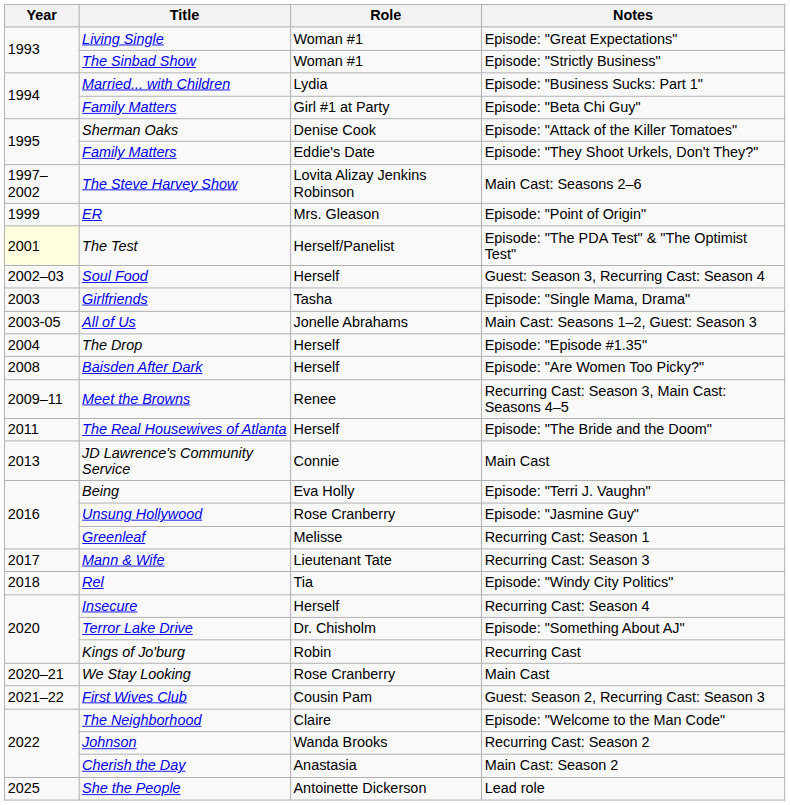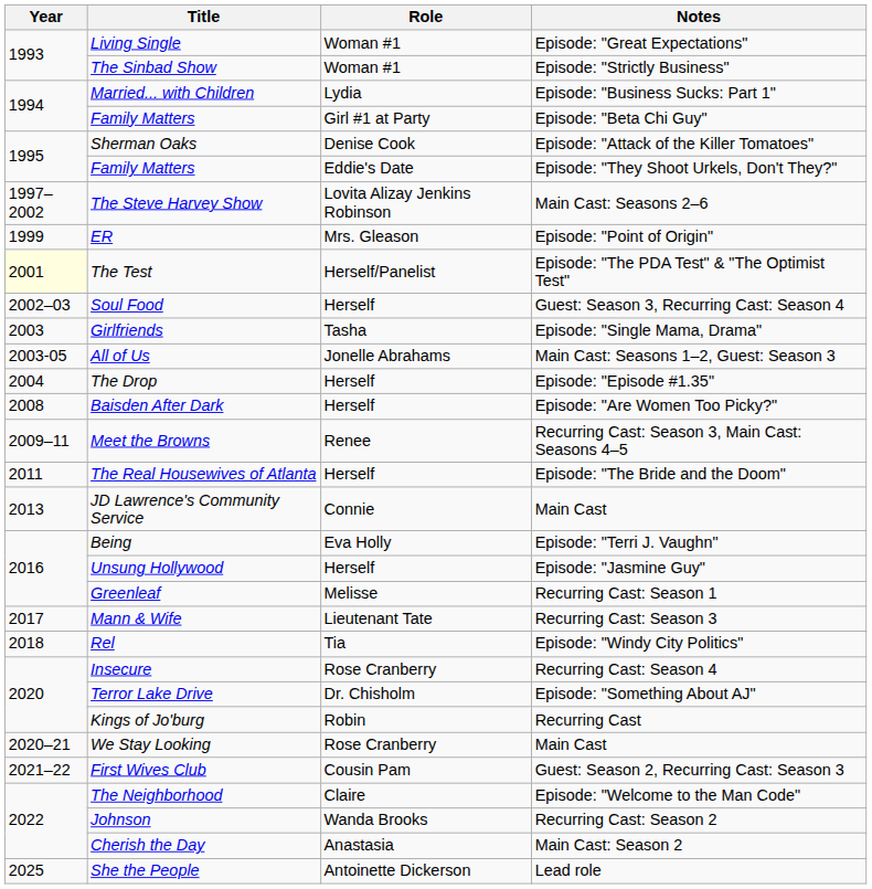 <table class="wikitable sortable">
 <tr>
 <th>Year</th>
 <th>Title</th>
 <th>Role</th>
 <th>Notes</th>
 </tr>
 <tr>
 <td rowspan=2>1993</td>
 <td><em><a href='#'>Living Single</a></em></td>
 <td>Woman #1</td>
 <td>Episode: "Great Expectations"</td>
 </tr>
 <tr>
 <td><em><a href='#'>The Sinbad Show</a></em></td>
 <td>Woman #1</td>
 <td>Episode: "Strictly Business"</td>
 </tr>
 <tr>
 <td rowspan=2>1994</td>
 <td><em><a href='#'>Married... with Children</a></em></td>
 <td>Lydia</td>
 <td>Episode: "Business Sucks: Part 1"</td>
 </tr>
 <tr>
 <td><em><a href='#'>Family Matters</a></em></td>
 <td>Girl #1 at Party</td>
 <td>Episode: "Beta Chi Guy"</td>
 </tr>
 <tr>
 <td rowspan=2>1995</td>
 <td><em>Sherman Oaks</em></td>
 <td>Denise Cook</td>
 <td>Episode: "Attack of the Killer Tomatoes"</td>
 </tr>
 <tr>
 <td><em><a href='#'>Family Matters</a></em></td>
 <td>Eddie's Date</td>
 <td>Episode: "They Shoot Urkels, Don't They?"</td>
 </tr>
 <tr>
 <td>1997–2002</td>
 <td><em><a href='#'>The Steve Harvey Show</a></em></td>
 <td>Lovita Alizay Jenkins Robinson</td>
 <td>Main Cast: Seasons 2–6</td>
 </tr>
 <tr>
 <td>1999</td>
 <td><em><a href='#'>ER</a></em></td>
 <td>Mrs. Gleason</td>
 <td>Episode: "Point of Origin"</td>
 </tr>
 <tr>
 <td style="background: lightyellow;">2001</td>
 <td><em>The Test</em></td>
 <td>Herself/Panelist</td>
 <td>Episode: "The PDA Test" & "The Optimist Test"</td>
 </tr>
 <tr>
 <td>2002–03</td>
 <td><em><a href='#'>Soul Food</a></em></td>
 <td>Herself</td>
 <td>Guest: Season 3, Recurring Cast: Season 4</td>
 </tr>
 <tr>
 <td>2003</td>
 <td><em><a href='#'>Girlfriends</a></em></td>
 <td>Tasha</td>
 <td>Episode: "Single Mama, Drama"</td>
 </tr>
 <tr>
 <td>2003-05</td>
 <td><em><a href='#'>All of Us</a></em></td>
 <td>Jonelle Abrahams</td>
 <td>Main Cast: Seasons 1–2, Guest: Season 3</td>
 </tr>
 <tr>
 <td>2004</td>
 <td><em>The Drop</em></td>
 <td>Herself</td>
 <td>Episode: "Episode #1.35"</td>
 </tr>
 <tr>
 <td>2008</td>
 <td><em><a href='#'>Baisden After Dark</a></em></td>
 <td>Herself</td>
 <td>Episode: "Are Women Too Picky?"</td>
 </tr>
 <tr>
 <td>2009–11</td>
 <td><em><a href='#'>Meet the Browns</a></em></td>
 <td>Renee</td>
 <td>Recurring Cast: Season 3, Main Cast: Seasons 4–5</td>
 </tr>
 <tr>
 <td>2011</td>
 <td><em><a href='#'>The Real Housewives of Atlanta</a></em></td>
 <td>Herself</td>
 <td>Episode: "The Bride and the Doom"</td>
 </tr>
 <tr>
 <td>2013</td>
 <td><em>JD Lawrence's Community Service</em></td>
 <td>Connie</td>
 <td>Main Cast</td>
 </tr>
 <tr>
 <td rowspan=3>2016</td>
 <td><em>Being</em></td>
 <td>Eva Holly</td>
 <td>Episode: "Terri J. Vaughn"</td>
 </tr>
 <tr>
 <td><em><a href='#'>Unsung Hollywood</a></em></td>
-<td>Rose Cranberry</td>
+<td>Herself</td>
 <td>Episode: "Jasmine Guy"</td>
 </tr>
 <tr>
 <td><em><a href='#'>Greenleaf</a></em></td>
 <td>Melisse</td>
 <td>Recurring Cast: Season 1</td>
 </tr>
 <tr>
 <td>2017</td>
 <td><em><a href='#'>Mann & Wife</a></em></td>
 <td>Lieutenant Tate</td>
 <td>Recurring Cast: Season 3</td>
 </tr>
 <tr>
 <td>2018</td>
 <td><em><a href='#'>Rel</a></em></td>
 <td>Tia</td>
 <td>Episode: "Windy City Politics"</td>
 </tr>
 <tr>
 <td rowspan=3>2020</td>
 <td><em><a href='#'>Insecure</a></em></td>
-<td>Herself</td>
+<td>Rose Cranberry</td>
 <td>Recurring Cast: Season 4</td>
 </tr>
 <tr>
 <td><em><a href='#'>Terror Lake Drive</a></em></td>
 <td>Dr. Chisholm</td>
 <td>Episode: "Something About AJ"</td>
 </tr>
 <tr>
 <td><em>Kings of Jo'burg</em></td>
 <td>Robin</td>
 <td>Recurring Cast</td>
 </tr>
 <tr>
 <td>2020–21</td>
 <td><em>We Stay Looking</em></td>
 <td>Rose Cranberry</td>
 <td>Main Cast</td>
 </tr>
 <tr>
 <td>2021–22</td>
 <td><em><a href='#'>First Wives Club</a></em></td>
 <td>Cousin Pam</td>
 <td>Guest: Season 2, Recurring Cast: Season 3</td>
 </tr>
 <tr>
 <td rowspan=3>2022</td>
 <td><em><a href='#'>The Neighborhood</a></em></td>
 <td>Claire</td>
 <td>Episode: "Welcome to the Man Code"</td>
 </tr>
 <tr>
 <td><em><a href='#'>Johnson</a></em></td>
 <td>Wanda Brooks</td>
 <td>Recurring Cast: Season 2</td>
 </tr>
 <tr>
 <td><em><a href='#'>Cherish the Day</a></em></td>
 <td>Anastasia</td>
 <td>Main Cast: Season 2</td>
 </tr>
 <tr>
 <td>2025</td>
 <td><em><a href='#'>She the People</a></td>
 <td>Antoinette Dickerson</td>
 <td>Lead role</td>
 </tr>
 </table>
